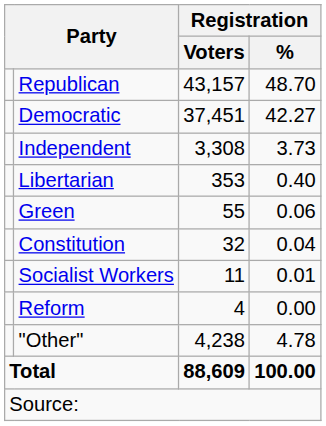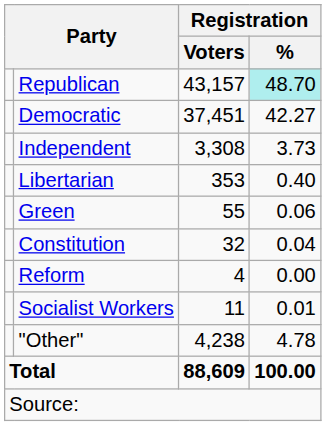 <table class="wikitable">
 <tr>
 <th colspan="2" rowspan="2">Party</th>
 <th colspan="2">Registration</th>
 </tr>
 <tr>
 <th>Voters</th>
 <th>%</th>
 </tr>
 <tr>
 <td style="background-color:"></td>
 <td><a href='#'>Republican</a></td>
 <td style="text-align:right;">43,157</td>
-<td style="text-align:right;">48.70</td>
+<td style="background: paleturquoise; text-align:right;">48.70</td>
 </tr>
 <tr>
 <td style="background-color:"></td>
 <td><a href='#'>Democratic</a></td>
 <td style="text-align:right;">37,451</td>
 <td style="text-align:right;">42.27</td>
 </tr>
 <tr>
 <td style="background-color:"></td>
 <td><a href='#'>Independent</a></td>
 <td style="text-align:right;">3,308</td>
 <td style="text-align:right;">3.73</td>
 </tr>
 <tr>
 <td style="background-color:"></td>
 <td><a href='#'>Libertarian</a></td>
 <td style="text-align:right;">353</td>
 <td style="text-align:right;">0.40</td>
 </tr>
 <tr>
 <td style="background-color:"></td>
 <td><a href='#'>Green</a></td>
 <td style="text-align:right;">55</td>
 <td style="text-align:right;">0.06</td>
 </tr>
 <tr>
 <td style="background-color:"></td>
 <td><a href='#'>Constitution</a></td>
 <td style="text-align:right;">32</td>
 <td style="text-align:right;">0.04</td>
 </tr>
 <tr>
 <td style="background-color:"></td>
+<td><a href='#'>Reform</a></td>
+<td style="text-align:right;">4</td>
+<td style="text-align:right;">0.00</td>
+</tr>
+<tr>
+<td style="background-color:"></td>
 <td><a href='#'>Socialist Workers</a></td>
 <td style="text-align:right;">11</td>
 <td style="text-align:right;">0.01</td>
-</tr>
-<tr>
-<td style="background-color:"></td>
-<td><a href='#'>Reform</a></td>
-<td style="text-align:right;">4</td>
-<td style="text-align:right;">0.00</td>
 </tr>
 <tr>
 <td></td>
 <td>"Other"</td>
 <td style="text-align:right;">4,238</td>
 <td style="text-align:right;">4.78</td>
 </tr>
 <tr>
 <td colspan="2"><strong>Total</strong></td>
 <td style="text-align:right;"><strong>88,609</strong></td>
 <td style="text-align:right;"><strong>100.00</strong></td>
 </tr>
 <tr>
 <td colspan="4">Source: <em></em></td>
 </tr>
 </table>
